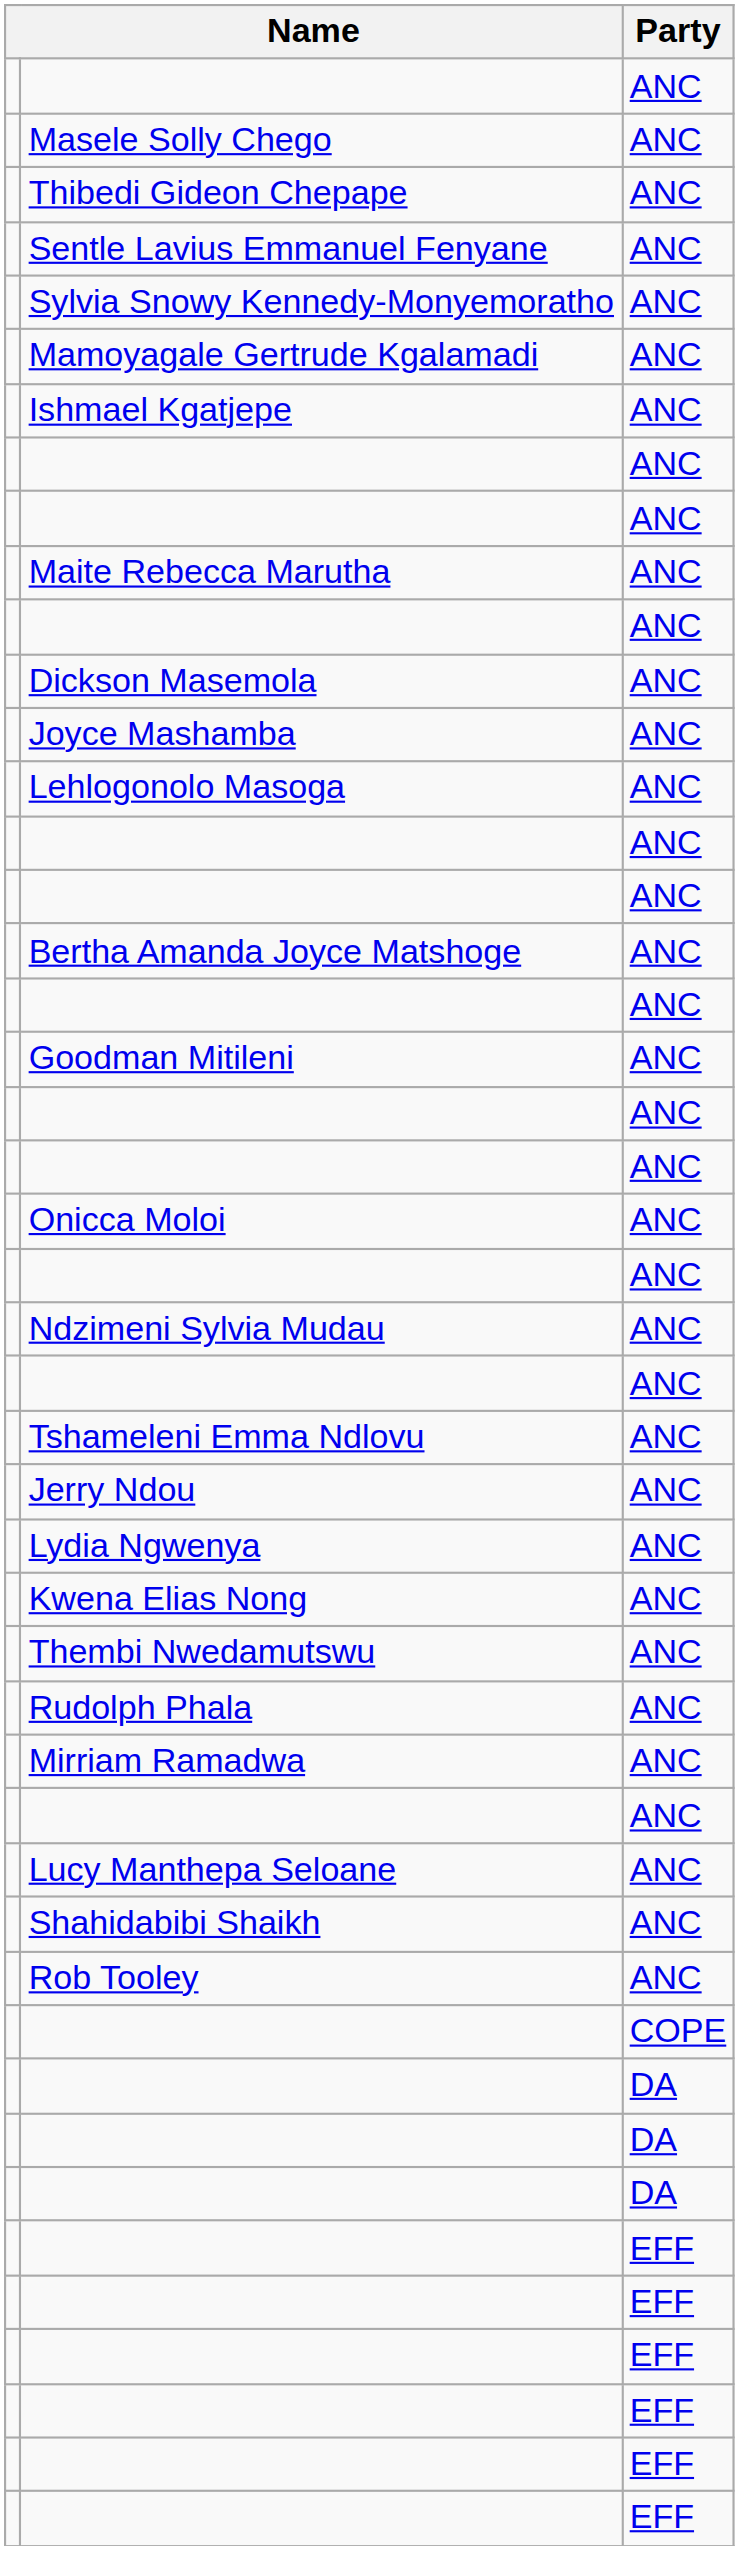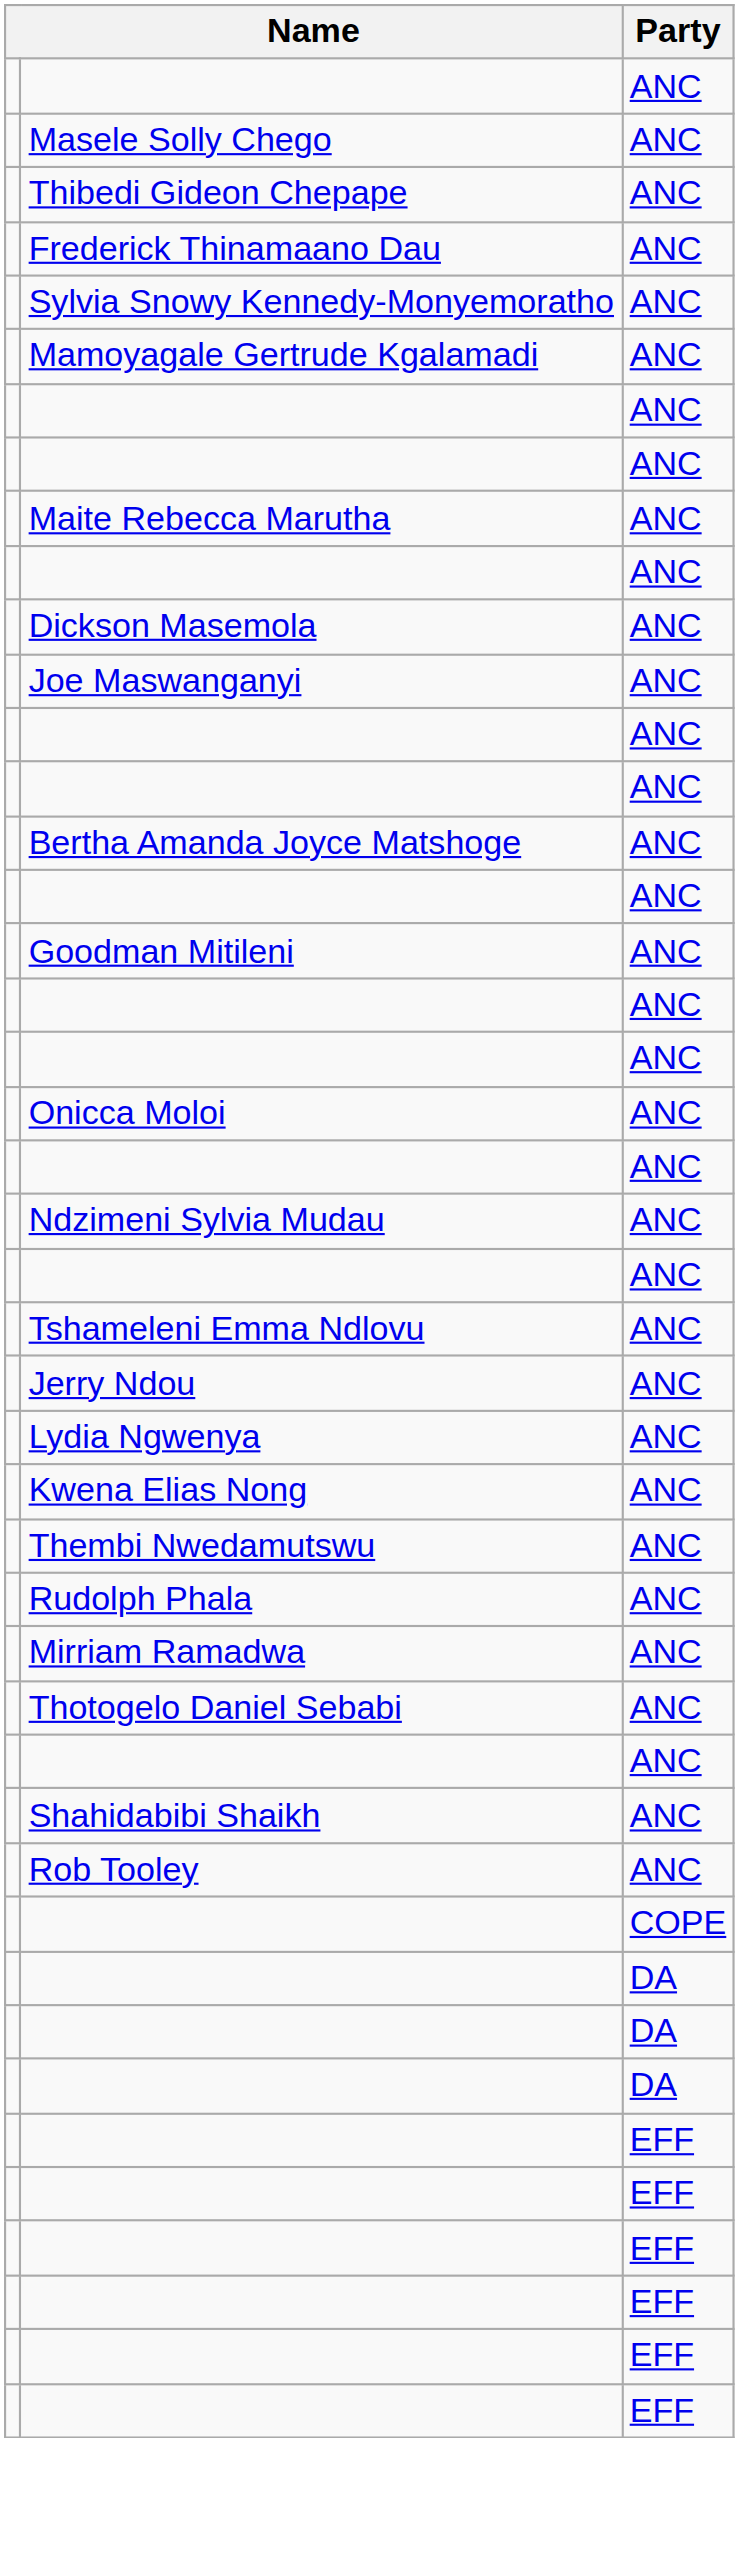 <table class="wikitable sortable">
 <tr>
 <th colspan="2">Name</th>
 <th>Party</th>
 </tr>
 <tr>
 <td style="background-color: "></td>
 <td></td>
 <td><a href='#'>ANC</a></td>
 </tr>
 <tr>
 <td style="background-color: "></td>
 <td><a href='#'>Masele Solly Chego</a></td>
 <td><a href='#'>ANC</a></td>
 </tr>
 <tr>
 <td style="background-color: "></td>
 <td><a href='#'>Thibedi Gideon Chepape</a></td>
 <td><a href='#'>ANC</a></td>
 </tr>
 <tr>
 <td style="background-color: "></td>
-<td><a href='#'>Sentle Lavius Emmanuel Fenyane</a></td>
+<td><a href='#'>Frederick Thinamaano Dau</a></td>
 <td><a href='#'>ANC</a></td>
 </tr>
 <tr>
 <td style="background-color: "></td>
 <td><a href='#'>Sylvia Snowy Kennedy-Monyemoratho</a></td>
 <td><a href='#'>ANC</a></td>
 </tr>
 <tr>
 <td style="background-color: "></td>
 <td><a href='#'>Mamoyagale Gertrude Kgalamadi</a></td>
-<td><a href='#'>ANC</a></td>
-</tr>
-<tr>
-<td style="background-color: "></td>
-<td><a href='#'>Ishmael Kgatjepe</a></td>
 <td><a href='#'>ANC</a></td>
 </tr>
 <tr>
 <td style="background-color: "></td>
 <td></td>
 <td><a href='#'>ANC</a></td>
 </tr>
 <tr>
 <td style="background-color: "></td>
 <td></td>
 <td><a href='#'>ANC</a></td>
 </tr>
 <tr>
 <td style="background-color: "></td>
 <td><a href='#'>Maite Rebecca Marutha</a></td>
 <td><a href='#'>ANC</a></td>
 </tr>
 <tr>
 <td style="background-color: "></td>
 <td></td>
 <td><a href='#'>ANC</a></td>
 </tr>
 <tr>
 <td style="background-color: "></td>
 <td><a href='#'>Dickson Masemola</a></td>
 <td><a href='#'>ANC</a></td>
 </tr>
 <tr>
 <td style="background-color: "></td>
-<td><a href='#'>Joyce Mashamba</a></td>
-<td><a href='#'>ANC</a></td>
-</tr>
-<tr>
-<td style="background-color: "></td>
-<td><a href='#'>Lehlogonolo Masoga</a></td>
+<td><a href='#'>Joe Maswanganyi</a></td>
 <td><a href='#'>ANC</a></td>
 </tr>
 <tr>
 <td style="background-color: "></td>
 <td></td>
 <td><a href='#'>ANC</a></td>
 </tr>
 <tr>
 <td style="background-color: "></td>
 <td></td>
 <td><a href='#'>ANC</a></td>
 </tr>
 <tr>
 <td style="background-color: "></td>
 <td><a href='#'>Bertha Amanda Joyce Matshoge</a></td>
 <td><a href='#'>ANC</a></td>
 </tr>
 <tr>
 <td style="background-color: "></td>
 <td></td>
 <td><a href='#'>ANC</a></td>
 </tr>
 <tr>
 <td style="background-color: "></td>
 <td><a href='#'>Goodman Mitileni</a></td>
 <td><a href='#'>ANC</a></td>
 </tr>
 <tr>
 <td style="background-color: "></td>
 <td></td>
 <td><a href='#'>ANC</a></td>
 </tr>
 <tr>
 <td style="background-color: "></td>
 <td></td>
 <td><a href='#'>ANC</a></td>
 </tr>
 <tr>
 <td style="background-color: "></td>
 <td><a href='#'>Onicca Moloi</a></td>
 <td><a href='#'>ANC</a></td>
 </tr>
 <tr>
 <td style="background-color: "></td>
 <td></td>
 <td><a href='#'>ANC</a></td>
 </tr>
 <tr>
 <td style="background-color: "></td>
 <td><a href='#'>Ndzimeni Sylvia Mudau</a></td>
 <td><a href='#'>ANC</a></td>
 </tr>
 <tr>
 <td style="background-color: "></td>
 <td></td>
 <td><a href='#'>ANC</a></td>
 </tr>
 <tr>
 <td style="background-color: "></td>
 <td><a href='#'>Tshameleni Emma Ndlovu</a></td>
 <td><a href='#'>ANC</a></td>
 </tr>
 <tr>
 <td style="background-color: "></td>
 <td><a href='#'>Jerry Ndou</a></td>
 <td><a href='#'>ANC</a></td>
 </tr>
 <tr>
 <td style="background-color: "></td>
 <td><a href='#'>Lydia Ngwenya</a></td>
 <td><a href='#'>ANC</a></td>
 </tr>
 <tr>
 <td style="background-color: "></td>
 <td><a href='#'>Kwena Elias Nong</a></td>
 <td><a href='#'>ANC</a></td>
 </tr>
 <tr>
 <td style="background-color: "></td>
 <td><a href='#'>Thembi Nwedamutswu</a></td>
 <td><a href='#'>ANC</a></td>
 </tr>
 <tr>
 <td style="background-color: "></td>
 <td><a href='#'>Rudolph Phala</a></td>
 <td><a href='#'>ANC</a></td>
 </tr>
 <tr>
 <td style="background-color: "></td>
 <td><a href='#'>Mirriam Ramadwa</a></td>
 <td><a href='#'>ANC</a></td>
 </tr>
 <tr>
 <td style="background-color: "></td>
-<td></td>
+<td><a href='#'>Thotogelo Daniel Sebabi</a></td>
 <td><a href='#'>ANC</a></td>
 </tr>
 <tr>
 <td style="background-color: "></td>
-<td><a href='#'>Lucy Manthepa Seloane</a></td>
+<td></td>
 <td><a href='#'>ANC</a></td>
 </tr>
 <tr>
 <td style="background-color: "></td>
 <td><a href='#'>Shahidabibi Shaikh</a></td>
 <td><a href='#'>ANC</a></td>
 </tr>
 <tr>
 <td style="background-color: "></td>
 <td><a href='#'>Rob Tooley</a></td>
 <td><a href='#'>ANC</a></td>
 </tr>
 <tr>
 <td></td>
 <td></td>
 <td><a href='#'>COPE</a></td>
 </tr>
 <tr>
 <td style="background-color: "></td>
 <td></td>
 <td><a href='#'>DA</a></td>
 </tr>
 <tr>
 <td style="background-color: "></td>
 <td></td>
 <td><a href='#'>DA</a></td>
 </tr>
 <tr>
 <td style="background-color: "></td>
 <td></td>
 <td><a href='#'>DA</a></td>
 </tr>
 <tr>
 <td style="background-color: "></td>
 <td></td>
 <td><a href='#'>EFF</a></td>
 </tr>
 <tr>
 <td style="background-color: "></td>
 <td></td>
 <td><a href='#'>EFF</a></td>
 </tr>
 <tr>
 <td style="background-color: "></td>
 <td></td>
 <td><a href='#'>EFF</a></td>
 </tr>
 <tr>
 <td style="background-color: "></td>
 <td></td>
 <td><a href='#'>EFF</a></td>
 </tr>
 <tr>
 <td style="background-color: "></td>
 <td></td>
 <td><a href='#'>EFF</a></td>
 </tr>
 <tr>
 <td style="background-color: "></td>
 <td></td>
 <td><a href='#'>EFF</a></td>
 </tr>
 </table>
